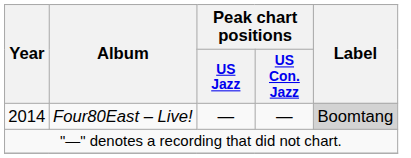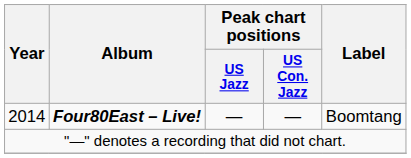 <table class="wikitable" style="text-align:center;">
 <tr>
 <th rowspan="2">Year</th>
 <th rowspan="2">Album</th>
 <th colspan="2">Peak chart positions</th>
 <th rowspan="2">Label</th>
 </tr>
 <tr style="font-size:smaller;">
 <th style="width:50px;"><a href='#'>US<br>Jazz</a><br></th>
 <th style="width:50px;"><a href='#'>US<br>Con.<br>Jazz</a><br></th>
 </tr>
 <tr>
 <td>2014</td>
-<td align="left"><em>Four80East – Live!</em></td>
+<td align="left"><strong><em>Four80East – Live!</em></strong></td>
 <td>—</td>
 <td>—</td>
-<td rowspan="1" style="background: lightgrey;">Boomtang</td>
+<td rowspan="1">Boomtang</td>
 </tr>
 <tr>
 <td colspan="5" style="font-size:90%">"—" denotes a recording that did not chart.</td>
 </tr>
 <tr>
 </tr>
 </table>
